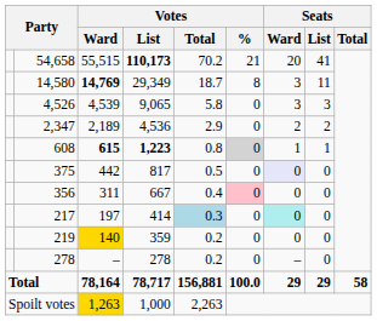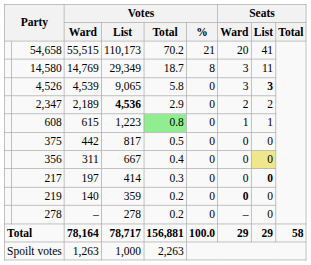 <table class=wikitable style="text-align:right">
 <tr>
 <th rowspan="2" colspan="2">Party</th>
 <th colspan="4" align="center">Votes</th>
 <th colspan="3" align="center">Seats</th>
 </tr>
 <tr>
 <th>Ward</th>
 <th>List</th>
 <th>Total</th>
 <th>%</th>
 <th>Ward</th>
 <th>List</th>
 <th>Total</th>
 </tr>
 <tr>
 <td></td>
 <td>54,658</td>
 <td>55,515</td>
-<td><strong>110,173</strong></td>
+<td>110,173</td>
 <td>70.2</td>
 <td>21</td>
 <td>20</td>
 <td>41</td>
 </tr>
 <tr>
 <td></td>
 <td>14,580</td>
-<td><strong>14,769</strong></td>
+<td>14,769</td>
 <td>29,349</td>
 <td>18.7</td>
 <td>8</td>
 <td>3</td>
 <td>11</td>
 </tr>
 <tr>
 <td></td>
 <td>4,526</td>
 <td>4,539</td>
 <td>9,065</td>
 <td>5.8</td>
 <td>0</td>
 <td>3</td>
-<td>3</td>
+<td><strong>3</strong></td>
 </tr>
 <tr>
 <td></td>
 <td>2,347</td>
 <td>2,189</td>
-<td>4,536</td>
+<td><strong>4,536</strong></td>
 <td>2.9</td>
 <td>0</td>
 <td>2</td>
 <td>2</td>
 </tr>
 <tr>
 <td></td>
 <td>608</td>
-<td><strong>615</strong></td>
-<td><strong>1,223</strong></td>
-<td>0.8</td>
-<td style="background: lightgrey;">0</td>
+<td>615</td>
+<td>1,223</td>
+<td style="background: lightgreen;">0.8</td>
+<td>0</td>
 <td>1</td>
 <td>1</td>
 </tr>
 <tr>
 <td></td>
 <td>375</td>
 <td>442</td>
 <td>817</td>
 <td>0.5</td>
 <td>0</td>
-<td style="background: lavender;">0</td>
+<td>0</td>
 <td>0</td>
 </tr>
 <tr>
 <td></td>
 <td>356</td>
 <td>311</td>
 <td>667</td>
 <td>0.4</td>
-<td style="background: pink;">0</td>
 <td>0</td>
 <td>0</td>
+<td style="background: khaki;">0</td>
 </tr>
 <tr>
 <td></td>
 <td>217</td>
 <td>197</td>
 <td>414</td>
-<td style="background: lightblue;">0.3</td>
+<td>0.3</td>
 <td>0</td>
-<td style="background: paleturquoise;">0</td>
 <td>0</td>
+<td><strong>0</strong></td>
 </tr>
 <tr>
 <td></td>
 <td>219</td>
-<td style="background: gold;">140</td>
+<td>140</td>
 <td>359</td>
 <td>0.2</td>
 <td>0</td>
-<td>0</td>
+<td><strong>0</strong></td>
 <td>0</td>
 </tr>
 <tr>
 <td></td>
 <td>278</td>
 <td>–</td>
 <td>278</td>
 <td>0.2</td>
 <td>0</td>
 <td>–</td>
 <td>0</td>
 </tr>
 <tr>
 <td colspan="2" style="text-align:left"><strong>Total</strong></td>
 <td><strong>78,164</strong></td>
 <td><strong>78,717</strong></td>
 <td><strong>156,881</strong></td>
 <td><strong>100.0</strong></td>
 <td><strong>29</strong></td>
 <td><strong>29</strong></td>
 <td><strong>58</strong></td>
 </tr>
 <tr>
 <td colspan="2" style="text-align:left">Spoilt votes</td>
-<td style="background: gold;">1,263</td>
+<td>1,263</td>
 <td>1,000</td>
 <td>2,263</td>
 </tr>
 </table>
